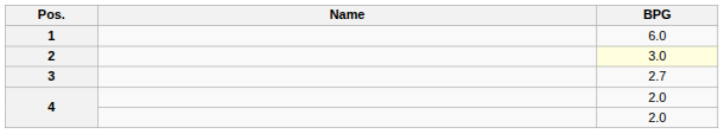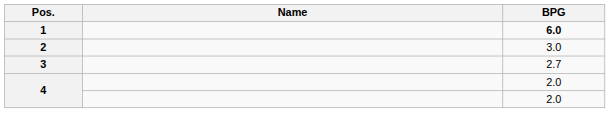 <table class=wikitable width=100% style="text-align:center;">
 <tr>
 <th width="13%">Pos.</th>
 <th width="70%">Name</th>
 <th width="17%">BPG</th>
 </tr>
 <tr>
 <th>1</th>
 <td align=left></td>
-<td>6.0</td>
+<td><strong>6.0</strong></td>
 </tr>
 <tr>
 <th>2</th>
 <td align=left></td>
-<td style="background: lightyellow;">3.0</td>
+<td>3.0</td>
 </tr>
 <tr>
 <th>3</th>
 <td align=left></td>
 <td>2.7</td>
 </tr>
 <tr>
 <th rowspan=2>4</th>
 <td align=left></td>
 <td>2.0</td>
 </tr>
 <tr>
 <td align=left></td>
 <td>2.0</td>
 </tr>
 </table>
